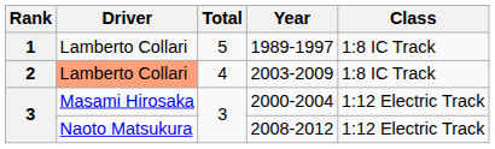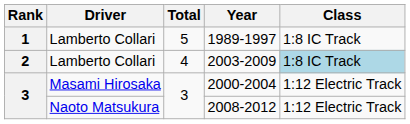 <table class="wikitable">
 <tr>
 <th>Rank</th>
 <th>Driver</th>
 <th>Total</th>
 <th>Year</th>
 <th>Class</th>
 </tr>
 <tr>
 <th>1</th>
 <td> Lamberto Collari</td>
 <td style="text-align:center;">5</td>
 <td style="text-align:center;">1989-1997</td>
 <td>1:8 IC Track</td>
 </tr>
 <tr>
 <th>2</th>
-<td style="background: lightsalmon;"> Lamberto Collari</td>
+<td> Lamberto Collari</td>
 <td style="text-align:center;">4</td>
 <td style="text-align:center;">2003-2009</td>
-<td>1:8 IC Track</td>
+<td style="background: lightblue;">1:8 IC Track</td>
 </tr>
 <tr>
 <th rowspan="2">3</th>
 <td> <a href='#'>Masami Hirosaka</a></td>
 <td rowspan="2" style="text-align:center;">3</td>
 <td style="text-align:center;">2000-2004</td>
 <td>1:12 Electric Track</td>
 </tr>
 <tr>
 <td> <a href='#'>Naoto Matsukura</a></td>
 <td style="text-align:center;">2008-2012</td>
 <td>1:12 Electric Track</td>
 </tr>
 </table>
